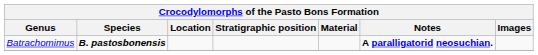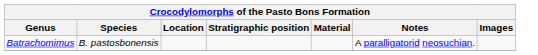 <table class="wikitable" align="center">
 <tr>
 <th colspan="7" align="center"><a href='#'>Crocodylomorphs</a> of the Pasto Bons Formation</th>
 </tr>
 <tr>
 <th>Genus</th>
 <th>Species</th>
 <th>Location</th>
 <th>Stratigraphic position</th>
 <th>Material</th>
 <th>Notes</th>
 <th>Images</th>
 </tr>
 <tr>
 <td><em><a href='#'>Batrachomimus</a></em></td>
-<td><strong><em>B. pastosbonensis</em></strong></td>
+<td><em>B. pastosbonensis</em></td>
 <td></td>
 <td></td>
 <td></td>
-<td><strong>A <a href='#'>paralligatorid</a> <a href='#'>neosuchian</a>.</strong></td>
+<td>A <a href='#'>paralligatorid</a> <a href='#'>neosuchian</a>.</td>
 <td></td>
 </tr>
 <tr>
 </tr>
 </table>
